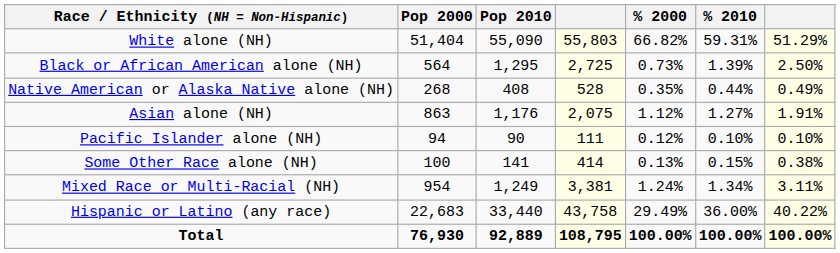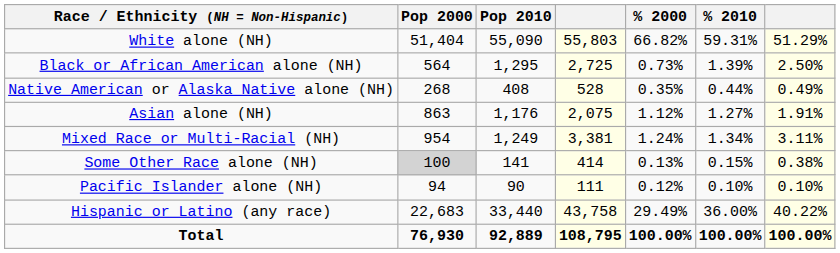 <table class="wikitable" style="text-align:center;">
 <tr>
 <th>Race / Ethnicity <small>(<em>NH = Non-Hispanic</em>)</small></th>
 <th>Pop 2000</th>
 <th>Pop 2010</th>
 <th></th>
 <th>% 2000</th>
 <th>% 2010</th>
 <th></th>
 </tr>
 <tr>
 <td><a href='#'>White</a> alone (NH)</td>
 <td>51,404</td>
 <td>55,090</td>
 <td style='background: #ffffe6;'>55,803</td>
 <td>66.82%</td>
 <td>59.31%</td>
 <td style='background: #ffffe6;'>51.29%</td>
 </tr>
 <tr>
 <td><a href='#'>Black or African American</a> alone (NH)</td>
 <td>564</td>
 <td>1,295</td>
 <td style='background: #ffffe6;'>2,725</td>
 <td>0.73%</td>
 <td>1.39%</td>
 <td style='background: #ffffe6;'>2.50%</td>
 </tr>
 <tr>
 <td><a href='#'>Native American</a> or <a href='#'>Alaska Native</a> alone (NH)</td>
 <td>268</td>
 <td>408</td>
 <td style='background: #ffffe6;'>528</td>
 <td>0.35%</td>
 <td>0.44%</td>
 <td style='background: #ffffe6;'>0.49%</td>
 </tr>
 <tr>
 <td><a href='#'>Asian</a> alone (NH)</td>
 <td>863</td>
 <td>1,176</td>
 <td style='background: #ffffe6;'>2,075</td>
 <td>1.12%</td>
 <td>1.27%</td>
 <td style='background: #ffffe6;'>1.91%</td>
 </tr>
 <tr>
+<td><a href='#'>Mixed Race or Multi-Racial</a> (NH)</td>
+<td>954</td>
+<td>1,249</td>
+<td style='background: #ffffe6;'>3,381</td>
+<td>1.24%</td>
+<td>1.34%</td>
+<td style='background: #ffffe6;'>3.11%</td>
+</tr>
+<tr>
+<td><a href='#'>Some Other Race</a> alone (NH)</td>
+<td style="background: lightgrey;">100</td>
+<td>141</td>
+<td style='background: #ffffe6;'>414</td>
+<td>0.13%</td>
+<td>0.15%</td>
+<td style='background: #ffffe6;'>0.38%</td>
+</tr>
+<tr>
 <td><a href='#'>Pacific Islander</a> alone (NH)</td>
 <td>94</td>
 <td>90</td>
 <td style='background: #ffffe6;'>111</td>
 <td>0.12%</td>
 <td>0.10%</td>
 <td style='background: #ffffe6;'>0.10%</td>
-</tr>
-<tr>
-<td><a href='#'>Some Other Race</a> alone (NH)</td>
-<td>100</td>
-<td>141</td>
-<td style='background: #ffffe6;'>414</td>
-<td>0.13%</td>
-<td>0.15%</td>
-<td style='background: #ffffe6;'>0.38%</td>
-</tr>
-<tr>
-<td><a href='#'>Mixed Race or Multi-Racial</a> (NH)</td>
-<td>954</td>
-<td>1,249</td>
-<td style='background: #ffffe6;'>3,381</td>
-<td>1.24%</td>
-<td>1.34%</td>
-<td style='background: #ffffe6;'>3.11%</td>
 </tr>
 <tr>
 <td><a href='#'>Hispanic or Latino</a> (any race)</td>
 <td>22,683</td>
 <td>33,440</td>
 <td style='background: #ffffe6;'>43,758</td>
 <td>29.49%</td>
 <td>36.00%</td>
 <td style='background: #ffffe6;'>40.22%</td>
 </tr>
 <tr>
 <td><strong>Total</strong></td>
 <td><strong>76,930</strong></td>
 <td><strong>92,889</strong></td>
 <td style='background: #ffffe6;'><strong>108,795</strong></td>
 <td><strong>100.00%</strong></td>
 <td><strong>100.00%</strong></td>
 <td style='background: #ffffe6;'><strong>100.00%</strong></td>
 </tr>
 </table>
